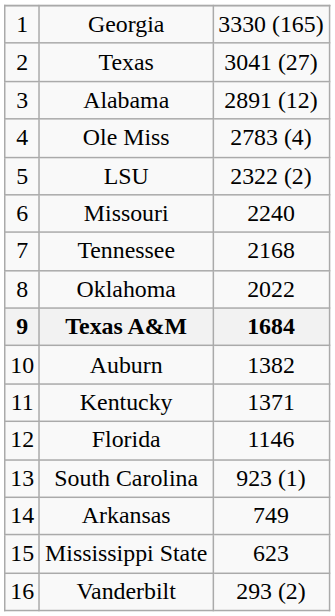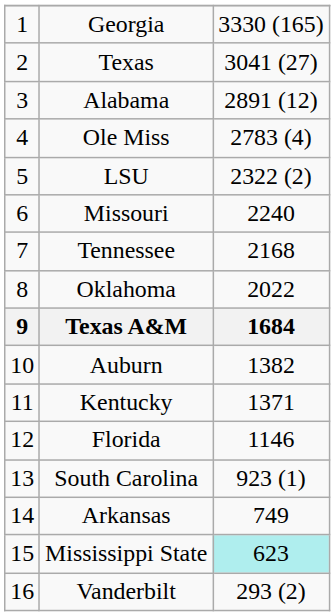 <table class="wikitable" style="display: inline-table;">
 <tr align="center">
 </tr>
 <tr align="center">
 <td>1</td>
 <td>Georgia</td>
 <td>3330 (165)</td>
 </tr>
 <tr align="center">
 <td>2</td>
 <td>Texas</td>
 <td>3041 (27)</td>
 </tr>
 <tr align="center">
 <td>3</td>
 <td>Alabama</td>
 <td>2891 (12)</td>
 </tr>
 <tr align="center">
 <td>4</td>
 <td>Ole Miss</td>
 <td>2783 (4)</td>
 </tr>
 <tr align="center">
 <td>5</td>
 <td>LSU</td>
 <td>2322 (2)</td>
 </tr>
 <tr align="center">
 <td>6</td>
 <td>Missouri</td>
 <td>2240</td>
 </tr>
 <tr align="center">
 <td>7</td>
 <td>Tennessee</td>
 <td>2168</td>
 </tr>
 <tr align="center">
 <td>8</td>
 <td>Oklahoma</td>
 <td>2022</td>
 </tr>
 <tr align="center">
 <th>9</th>
 <th>Texas A&M</th>
 <th>1684</th>
 </tr>
 <tr align="center">
 <td>10</td>
 <td>Auburn</td>
 <td>1382</td>
 </tr>
 <tr align="center">
 <td>11</td>
 <td>Kentucky</td>
 <td>1371</td>
 </tr>
 <tr align="center">
 <td>12</td>
 <td>Florida</td>
 <td>1146</td>
 </tr>
 <tr align="center">
 <td>13</td>
 <td>South Carolina</td>
 <td>923 (1)</td>
 </tr>
 <tr align="center">
 <td>14</td>
 <td>Arkansas</td>
 <td>749</td>
 </tr>
 <tr align="center">
 <td>15</td>
 <td>Mississippi State</td>
-<td>623</td>
+<td style="background: paleturquoise;">623</td>
 </tr>
 <tr align="center">
 <td>16</td>
 <td>Vanderbilt</td>
 <td>293 (2)</td>
 </tr>
 </table>
